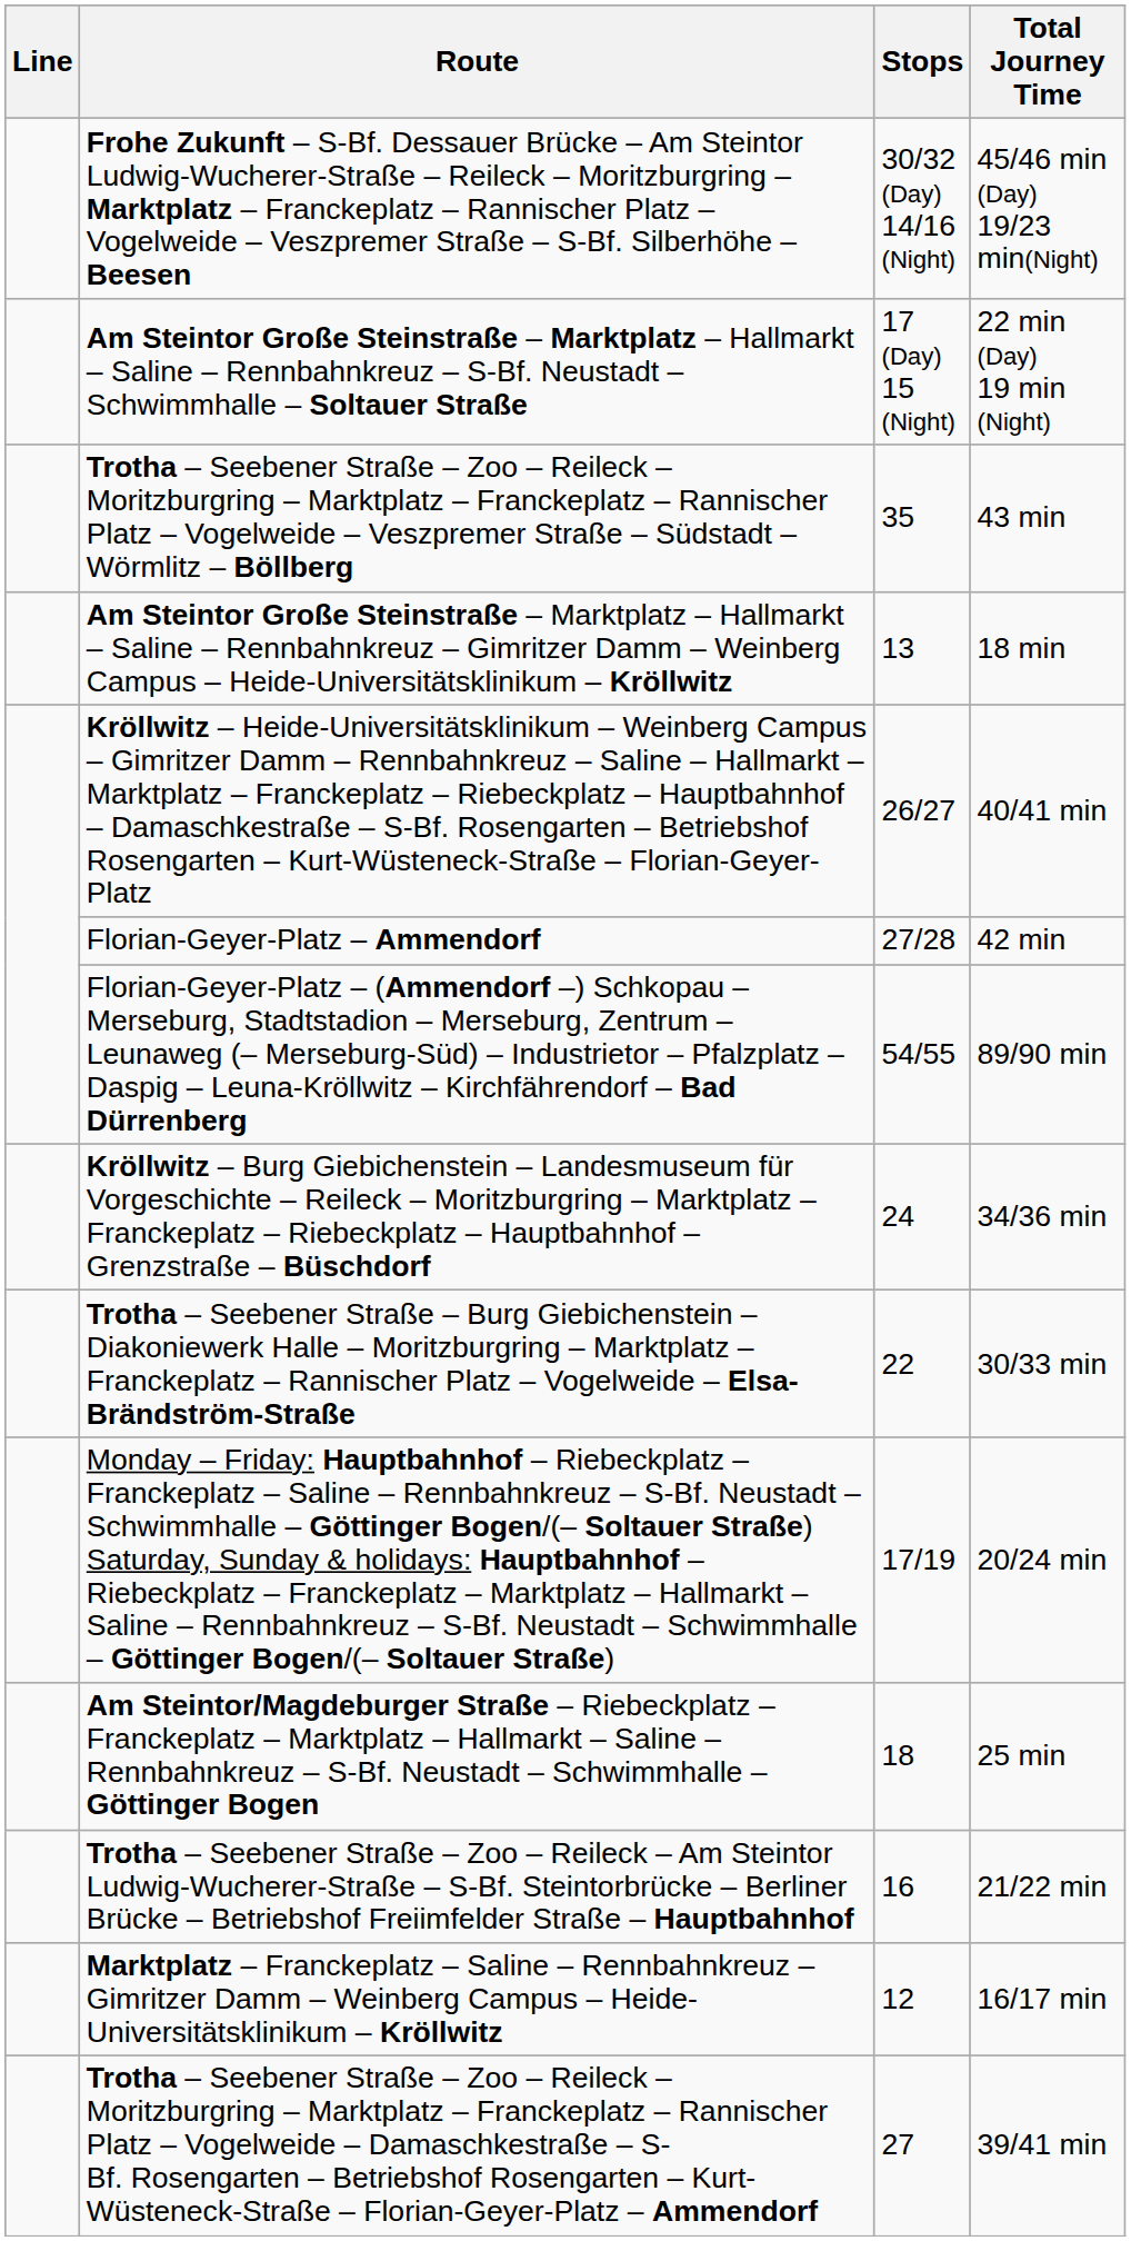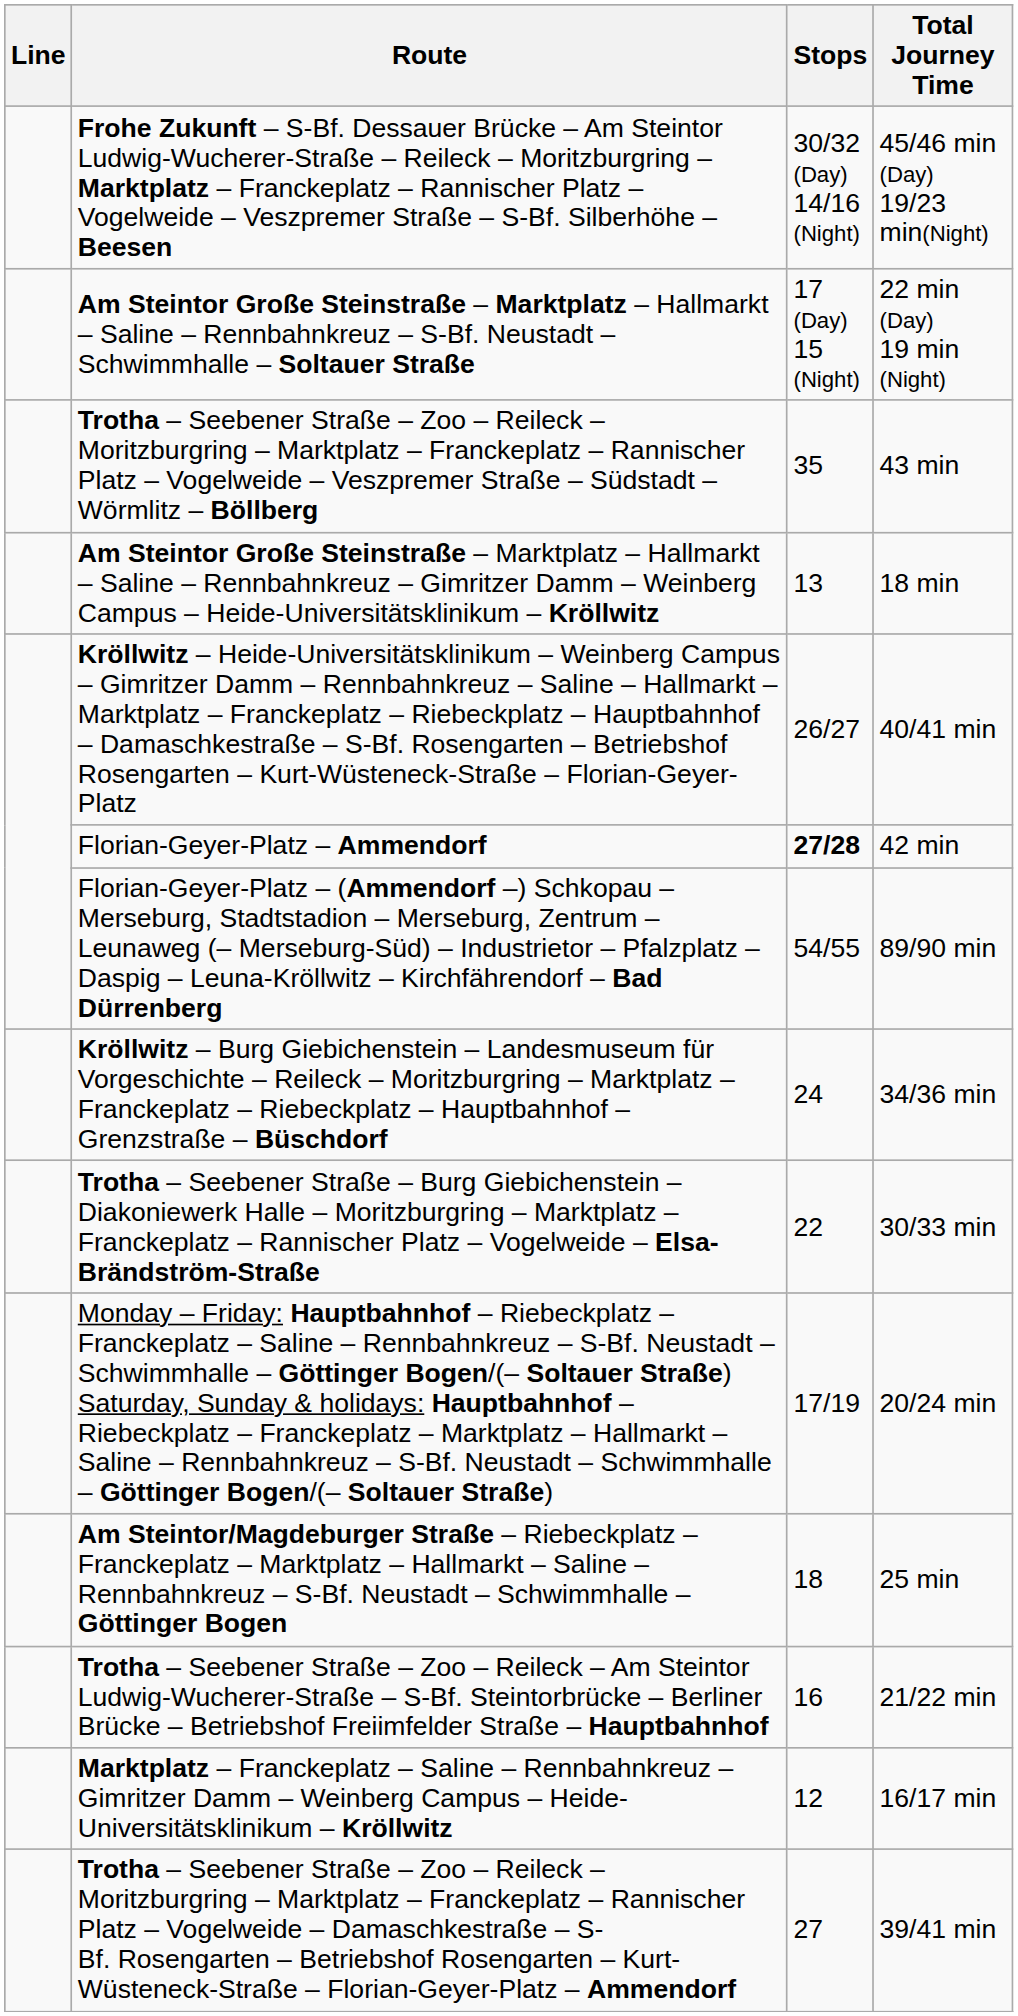 <table class="wikitable sortable">
 <tr>
 <th class="hintergrundfarbe6">Line</th>
 <th class="hintergrundfarbe6">Route</th>
 <th class="hintergrundfarbe6">Stops</th>
 <th class="hintergrundfarbe6">Total Journey Time</th>
 </tr>
 <tr>
 <td align="center"></td>
 <td><strong>Frohe Zukunft</strong> – S-Bf. Dessauer Brücke – Am Steintor Ludwig-Wucherer-Straße – Reileck – Moritzburgring – <strong>Marktplatz</strong> – Franckeplatz – Rannischer Platz – Vogelweide – Veszpremer Straße – S-Bf. Silberhöhe – <strong>Beesen</strong></td>
 <td>30/32<br><small>(Day)</small><br>14/16<br><small>(Night)</small></td>
 <td>45/46 min <small>(Day)</small><br>19/23 min<small>(Night)</small></td>
 </tr>
 <tr>
 <td align="center"></td>
 <td><strong>Am Steintor Große Steinstraße</strong> – <strong>Marktplatz</strong> – Hallmarkt – Saline – Rennbahnkreuz – S-Bf. Neustadt – Schwimmhalle – <strong>Soltauer Straße</strong></td>
 <td>17<br><small>(Day)</small><br>15<br><small>(Night)</small></td>
 <td>22 min<br><small>(Day)</small><br>19 min<br><small>(Night)</small></td>
 </tr>
 <tr>
 <td align="center"></td>
 <td><strong>Trotha</strong> – Seebener Straße – Zoo – Reileck – Moritzburgring – Marktplatz – Franckeplatz – Rannischer Platz – Vogelweide – Veszpremer Straße – Südstadt – Wörmlitz – <strong>Böllberg</strong></td>
 <td>35</td>
 <td>43 min</td>
 </tr>
 <tr>
 <td align="center"></td>
 <td><strong>Am Steintor Große Steinstraße</strong> – Marktplatz – Hallmarkt – Saline – Rennbahnkreuz – Gimritzer Damm – Weinberg Campus – Heide-Universitätsklinikum – <strong>Kröllwitz</strong><br></td>
 <td>13</td>
 <td>18 min</td>
 </tr>
 <tr>
 <td align="center" rowspan="3"></td>
 <td><strong>Kröllwitz</strong> – Heide-Universitätsklinikum – Weinberg Campus – Gimritzer Damm – Rennbahnkreuz – Saline – Hallmarkt – Marktplatz – Franckeplatz – Riebeckplatz – Hauptbahnhof – Damaschkestraße – S-Bf. Rosengarten – Betriebshof Rosengarten – Kurt-Wüsteneck-Straße – Florian-Geyer-Platz</td>
 <td>26/27</td>
 <td>40/41 min</td>
 </tr>
 <tr>
 <td>Florian-Geyer-Platz – <strong>Ammendorf</strong><br></td>
-<td>27/28</td>
+<td><strong>27/28</strong></td>
 <td>42 min</td>
 </tr>
 <tr>
 <td>Florian-Geyer-Platz – (<strong>Ammendorf</strong> –) Schkopau – Merseburg, Stadtstadion – Merseburg, Zentrum – Leunaweg (– Merseburg-Süd) – Industrietor – Pfalzplatz – Daspig – Leuna-Kröllwitz – Kirchfährendorf – <strong>Bad Dürrenberg</strong><br></td>
 <td>54/55</td>
 <td>89/90 min</td>
 </tr>
 <tr>
 <td align="center"></td>
 <td><strong>Kröllwitz</strong> – Burg Giebichenstein – Landesmuseum für Vorgeschichte – Reileck – Moritzburgring – Marktplatz – Franckeplatz – Riebeckplatz – Hauptbahnhof – Grenzstraße – <strong>Büschdorf</strong></td>
 <td>24</td>
 <td>34/36 min</td>
 </tr>
 <tr>
 <td align="center"></td>
 <td><strong>Trotha</strong> – Seebener Straße – Burg Giebichenstein – Diakoniewerk Halle – Moritzburgring – Marktplatz – Franckeplatz – Rannischer Platz – Vogelweide – <strong>Elsa-Brändström-Straße</strong></td>
 <td>22</td>
 <td>30/33 min</td>
 </tr>
 <tr>
 <td align="center"></td>
 <td><u>Monday – Friday:</u> <strong>Hauptbahnhof</strong> – Riebeckplatz – Franckeplatz – Saline – Rennbahnkreuz – S-Bf. Neustadt – Schwimmhalle – <strong>Göttinger Bogen</strong>/(– <strong>Soltauer Straße</strong>)<br><u>Saturday, Sunday & holidays:</u> <strong>Hauptbahnhof</strong> – Riebeckplatz – Franckeplatz – Marktplatz – Hallmarkt – Saline – Rennbahnkreuz – S-Bf. Neustadt – Schwimmhalle – <strong>Göttinger Bogen</strong>/(– <strong>Soltauer Straße</strong>)<br></td>
 <td>17/19</td>
 <td>20/24 min</td>
 </tr>
 <tr>
 <td align="center"></td>
 <td><strong>Am Steintor/Magdeburger Straße</strong> – Riebeckplatz – Franckeplatz – Marktplatz – Hallmarkt – Saline – Rennbahnkreuz – S-Bf. Neustadt – Schwimmhalle – <strong>Göttinger Bogen</strong></td>
 <td>18</td>
 <td>25 min</td>
 </tr>
 <tr>
 <td align="center"></td>
 <td><strong>Trotha</strong> – Seebener Straße – Zoo – Reileck – Am Steintor Ludwig-Wucherer-Straße – S-Bf. Steintorbrücke – Berliner Brücke – Betriebshof Freiimfelder Straße – <strong>Hauptbahnhof</strong></td>
 <td>16</td>
 <td>21/22 min</td>
 </tr>
 <tr>
 <td align="center"></td>
 <td><strong>Marktplatz</strong> – Franckeplatz – Saline – Rennbahnkreuz – Gimritzer Damm – Weinberg Campus – Heide-Universitätsklinikum – <strong>Kröllwitz</strong></td>
 <td>12</td>
 <td>16/17 min</td>
 </tr>
 <tr>
 <td align="center"></td>
 <td><strong>Trotha</strong> – Seebener Straße – Zoo – Reileck – Moritzburgring – Marktplatz – Franckeplatz – Rannischer Platz – Vogelweide – Damaschkestraße – S-Bf. Rosengarten – Betriebshof Rosengarten – Kurt-Wüsteneck-Straße – Florian-Geyer-Platz – <strong>Ammendorf</strong></td>
 <td>27</td>
 <td>39/41 min</td>
 </tr>
 <tr>
 </tr>
 </table>
